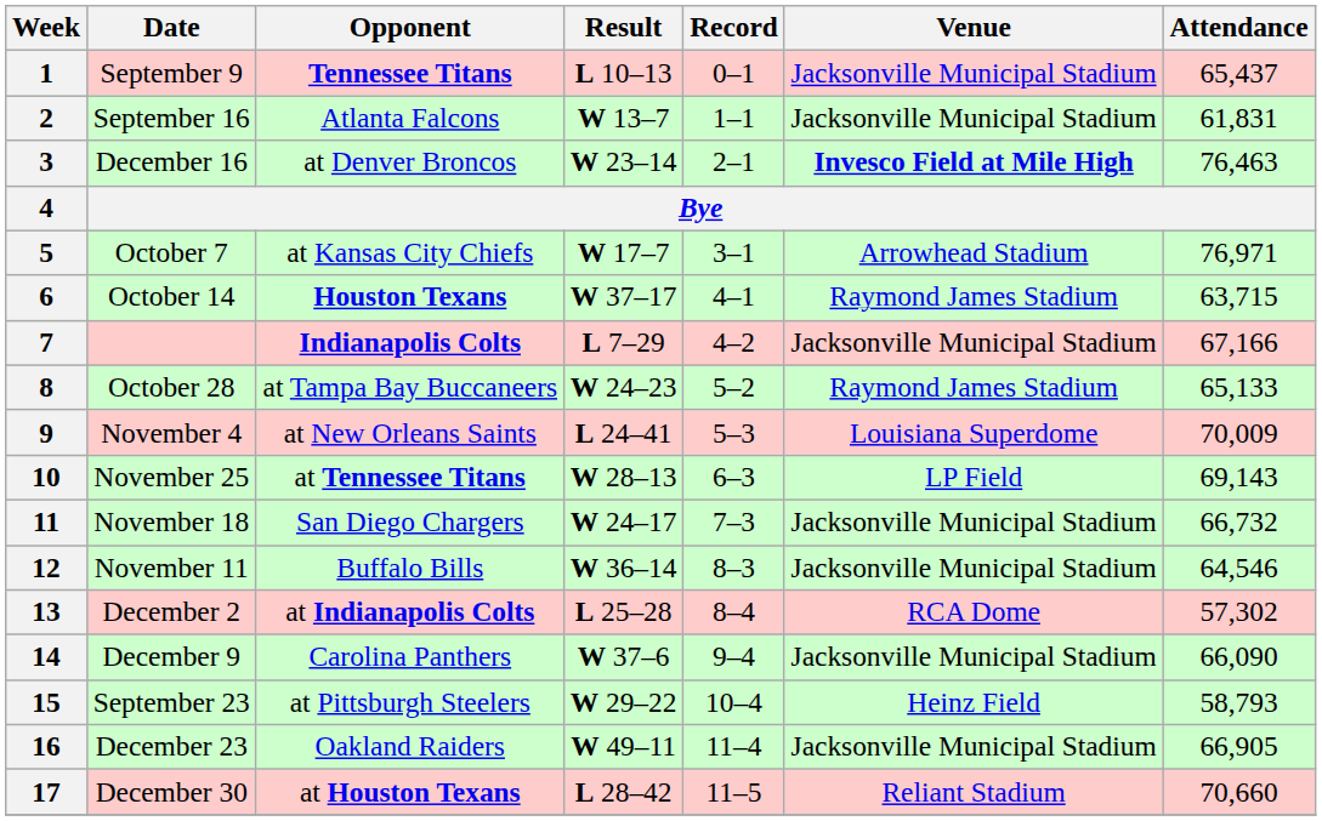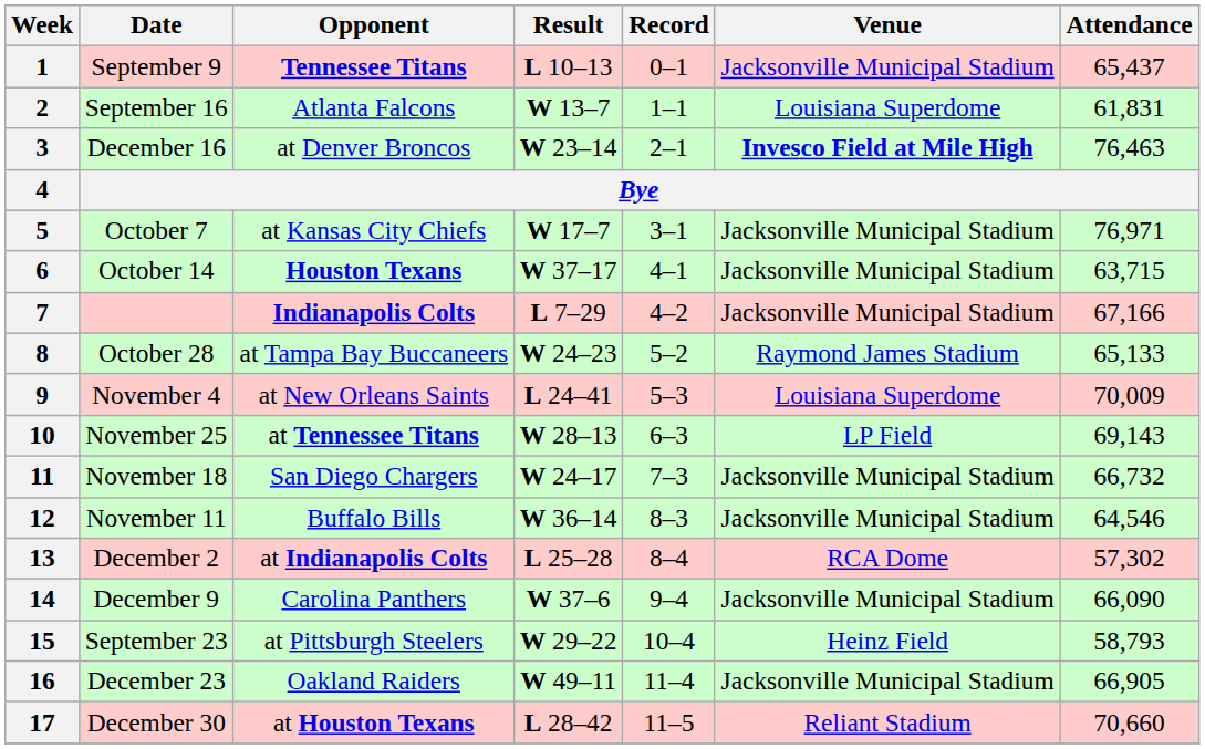 <table class="wikitable" style="text-align:center">
 <tr>
 <th>Week</th>
 <th>Date</th>
 <th>Opponent</th>
 <th>Result</th>
 <th>Record</th>
 <th>Venue</th>
 <th>Attendance</th>
 </tr>
 <tr style="background: #fcc;">
 <th>1</th>
 <td>September 9</td>
 <td><strong><a href='#'>Tennessee Titans</a></strong></td>
 <td><strong>L</strong> 10–13</td>
 <td>0–1</td>
 <td><a href='#'>Jacksonville Municipal Stadium</a></td>
 <td>65,437</td>
 </tr>
 <tr style="background: #cfc;">
 <th>2</th>
 <td>September 16</td>
 <td><a href='#'>Atlanta Falcons</a></td>
 <td><strong>W</strong> 13–7</td>
 <td>1–1</td>
-<td>Jacksonville Municipal Stadium</td>
+<td><a href='#'>Louisiana Superdome</a></td>
 <td>61,831</td>
 </tr>
 <tr style="background: #cfc;">
 <th>3</th>
 <td>December 16</td>
 <td>at <a href='#'>Denver Broncos</a></td>
 <td><strong>W</strong> 23–14</td>
 <td>2–1</td>
 <td><strong><a href='#'>Invesco Field at Mile High</a></strong></td>
 <td>76,463</td>
 </tr>
 <tr>
 <th>4</th>
 <th colspan="8" align="center"><em><a href='#'>Bye</a></em></th>
 </tr>
 <tr style="background: #cfc;">
 <th>5</th>
 <td>October 7</td>
 <td>at <a href='#'>Kansas City Chiefs</a></td>
 <td><strong>W</strong> 17–7</td>
 <td>3–1</td>
-<td><a href='#'>Arrowhead Stadium</a></td>
+<td>Jacksonville Municipal Stadium</td>
 <td>76,971</td>
 </tr>
 <tr style="background: #cfc;">
 <th>6</th>
 <td>October 14</td>
 <td><strong><a href='#'>Houston Texans</a></strong></td>
 <td><strong>W</strong> 37–17</td>
 <td>4–1</td>
-<td><a href='#'>Raymond James Stadium</a></td>
+<td>Jacksonville Municipal Stadium</td>
 <td>63,715</td>
 </tr>
 <tr style="background: #fcc;">
 <th>7</th>
 <td></td>
 <td><strong><a href='#'>Indianapolis Colts</a></strong></td>
 <td><strong>L</strong> 7–29</td>
 <td>4–2</td>
 <td>Jacksonville Municipal Stadium</td>
 <td>67,166</td>
 </tr>
 <tr style="background: #cfc;">
 <th>8</th>
 <td>October 28</td>
 <td>at <a href='#'>Tampa Bay Buccaneers</a></td>
 <td><strong>W</strong> 24–23</td>
 <td>5–2</td>
 <td><a href='#'>Raymond James Stadium</a></td>
 <td>65,133</td>
 </tr>
 <tr style="background: #fcc;">
 <th>9</th>
 <td>November 4</td>
 <td>at <a href='#'>New Orleans Saints</a></td>
 <td><strong>L</strong> 24–41</td>
 <td>5–3</td>
 <td><a href='#'>Louisiana Superdome</a></td>
 <td>70,009</td>
 </tr>
 <tr style="background: #cfc;">
 <th>10</th>
 <td>November 25</td>
 <td>at  <strong><a href='#'>Tennessee Titans</a> </strong></td>
 <td><strong>W</strong> 28–13</td>
 <td>6–3</td>
 <td><a href='#'>LP Field</a></td>
 <td>69,143</td>
 </tr>
 <tr style="background: #cfc;">
 <th>11</th>
 <td>November 18</td>
 <td><a href='#'>San Diego Chargers</a></td>
 <td><strong>W</strong> 24–17</td>
 <td>7–3</td>
 <td>Jacksonville Municipal Stadium</td>
 <td>66,732</td>
 </tr>
 <tr style="background: #cfc;">
 <th>12</th>
 <td>November 11</td>
 <td><a href='#'>Buffalo Bills</a></td>
 <td><strong>W</strong> 36–14</td>
 <td>8–3</td>
 <td>Jacksonville Municipal Stadium</td>
 <td>64,546</td>
 </tr>
 <tr style="background: #fcc;">
 <th>13</th>
 <td>December 2</td>
 <td>at <strong><a href='#'>Indianapolis Colts</a> </strong></td>
 <td><strong>L</strong> 25–28</td>
 <td>8–4</td>
 <td><a href='#'>RCA Dome</a></td>
 <td>57,302</td>
 </tr>
 <tr style="background: #cfc;">
 <th>14</th>
 <td>December 9</td>
 <td><a href='#'>Carolina Panthers</a></td>
 <td><strong>W</strong> 37–6</td>
 <td>9–4</td>
 <td>Jacksonville Municipal Stadium</td>
 <td>66,090</td>
 </tr>
 <tr style="background: #cfc;">
 <th>15</th>
 <td>September 23</td>
 <td>at <a href='#'>Pittsburgh Steelers</a></td>
 <td><strong>W</strong> 29–22</td>
 <td>10–4</td>
 <td><a href='#'>Heinz Field</a></td>
 <td>58,793</td>
 </tr>
 <tr style="background: #cfc;">
 <th>16</th>
 <td>December 23</td>
 <td><a href='#'>Oakland Raiders</a></td>
 <td><strong>W</strong> 49–11</td>
 <td>11–4</td>
 <td>Jacksonville Municipal Stadium</td>
 <td>66,905</td>
 </tr>
 <tr style="background: #fcc;">
 <th>17</th>
 <td>December 30</td>
 <td>at <strong><a href='#'>Houston Texans</a></strong></td>
 <td><strong>L</strong> 28–42</td>
 <td>11–5</td>
 <td><a href='#'>Reliant Stadium</a></td>
 <td>70,660</td>
 </tr>
 <tr>
 </tr>
 </table>
